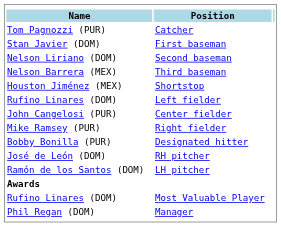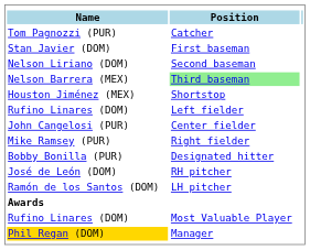 <table cellpadding="1" width="350px" style="font-size: 90%; border: 1px solid gray;">
 <tr align="center" style="font-size: larger;">
 <td colspan=6></td>
 </tr>
 <tr>
 <th style="background:lightblue;">Name</th>
 <th style="background:lightblue;">Position</th>
 <th style="background:lightblue;"></th>
 </tr>
 <tr>
 <td><a href='#'>Tom Pagnozzi</a> (PUR)</td>
 <td><a href='#'>Catcher</a></td>
 </tr>
 <tr>
 <td><a href='#'>Stan Javier</a> (DOM)</td>
 <td><a href='#'>First baseman</a></td>
 </tr>
 <tr>
 <td><a href='#'>Nelson Liriano</a> (DOM)</td>
 <td><a href='#'>Second baseman</a></td>
 </tr>
 <tr>
 <td><a href='#'>Nelson Barrera</a> (MEX)</td>
-<td><a href='#'>Third baseman</a></td>
+<td style="background: lightgreen;"><a href='#'>Third baseman</a></td>
 </tr>
 <tr>
 <td><a href='#'>Houston Jiménez</a> (MEX)</td>
 <td><a href='#'>Shortstop</a></td>
 </tr>
 <tr>
 <td><a href='#'>Rufino Linares</a> (DOM)</td>
 <td><a href='#'>Left fielder</a></td>
 </tr>
 <tr>
 <td><a href='#'>John Cangelosi</a> (PUR)</td>
 <td><a href='#'>Center fielder</a></td>
 </tr>
 <tr>
 <td><a href='#'>Mike Ramsey</a> (PUR)</td>
 <td><a href='#'>Right fielder</a></td>
 </tr>
 <tr>
 <td><a href='#'>Bobby Bonilla</a> (PUR)</td>
 <td><a href='#'>Designated hitter</a></td>
 </tr>
 <tr>
 <td><a href='#'>José de León</a> (DOM)</td>
 <td><a href='#'>RH pitcher</a></td>
 </tr>
 <tr>
 <td><a href='#'>Ramón de los Santos</a> (DOM)</td>
 <td><a href='#'>LH pitcher</a></td>
 </tr>
 <tr>
 <td><strong>Awards</strong></td>
 </tr>
 <tr>
 <td><a href='#'>Rufino Linares</a> (DOM)</td>
 <td><a href='#'>Most Valuable Player</a></td>
 </tr>
 <tr>
-<td><a href='#'>Phil Regan</a> (DOM)</td>
+<td style="background: gold;"><a href='#'>Phil Regan</a> (DOM)</td>
 <td><a href='#'>Manager</a></td>
 </tr>
 <tr>
 </tr>
 </table>
